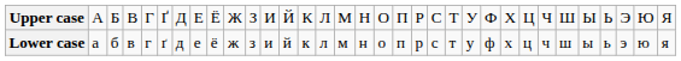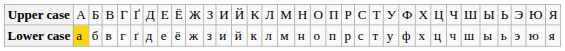 <table class="Unicode wikitable">
 <tr>
 <th>Upper case</th>
 <td>А</td>
 <td>Б</td>
 <td>В</td>
 <td>Г</td>
 <td>Ґ</td>
 <td>Д</td>
 <td>Е</td>
 <td>Ё</td>
 <td>Ж</td>
 <td>З</td>
 <td>И</td>
 <td>Й</td>
 <td>К</td>
 <td>Л</td>
 <td>М</td>
 <td>Н</td>
 <td>О</td>
 <td>П</td>
 <td>Р</td>
 <td>С</td>
 <td>Т</td>
 <td>У</td>
 <td>Ф</td>
 <td>Х</td>
 <td>Ц</td>
 <td>Ч</td>
 <td>Ш</td>
 <td>Ы</td>
 <td>Ь</td>
 <td>Э</td>
 <td>Ю</td>
 <td>Я</td>
 </tr>
 <tr>
 <th>Lower case</th>
-<td>а</td>
+<td style="background: gold;">а</td>
 <td>б</td>
 <td>в</td>
 <td>г</td>
 <td>ґ</td>
 <td>д</td>
 <td>е</td>
 <td>ё</td>
 <td>ж</td>
 <td>з</td>
 <td>и</td>
 <td>й</td>
 <td>к</td>
 <td>л</td>
 <td>м</td>
 <td>н</td>
 <td>о</td>
 <td>п</td>
 <td>р</td>
 <td>с</td>
 <td>т</td>
 <td>у</td>
 <td>ф</td>
 <td>х</td>
 <td>ц</td>
 <td>ч</td>
 <td>ш</td>
 <td>ы</td>
 <td>ь</td>
 <td>э</td>
 <td>ю</td>
 <td>я</td>
 </tr>
 </table>
